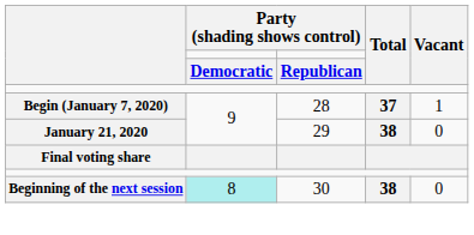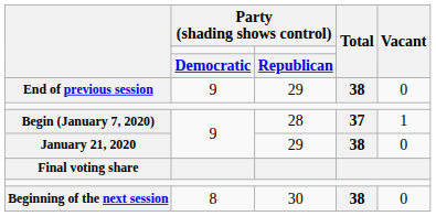 <table class="wikitable" style="text-align:center">
 <tr>
 <th rowspan="3" scope="col"> </th>
 <th colspan="2" scope="col">Party<div>(shading shows control)</div></th>
 <th rowspan="3" scope="col">Total</th>
 <th rowspan="3" scope="col">Vacant</th>
 </tr>
 <tr style="height:5px">
 <td style="background-color:"></td>
 <td style="background-color:"></td>
 </tr>
 <tr>
 <th scope="col"><a href='#'>Democratic</a></th>
 <th scope="col"><a href='#'>Republican</a></th>
+</tr>
+<tr>
+<th scope="row" style="font-size:85%">End of <a href='#'>previous session</a></th>
+<td>9</td>
+<td>29</td>
+<th>38</th>
+<td>0</td>
 </tr>
 <tr>
 <td colspan="5"></td>
 </tr>
 <tr>
 <th scope="row" style="font-size:85%">Begin (January 7, 2020)</th>
 <td rowspan="2">9</td>
 <td>28</td>
 <th>37</th>
 <td>1</td>
 </tr>
 <tr>
 <th scope="row" style="font-size:85%">January 21, 2020</th>
 <td>29</td>
 <th>38</th>
 <td>0</td>
 </tr>
 <tr>
 <th scope="row" style="font-size:85%">Final voting share</th>
 <th></th>
 <th></th>
 <th colspan="2"></th>
 </tr>
 <tr>
 <td colspan="5"></td>
 </tr>
 <tr>
 <th scope="row" style="font-size:85%">Beginning of the <a href='#'>next session</a></th>
-<td style="background: paleturquoise;">8</td>
+<td>8</td>
 <td>30</td>
 <th>38</th>
 <td>0</td>
 </tr>
 </table>
